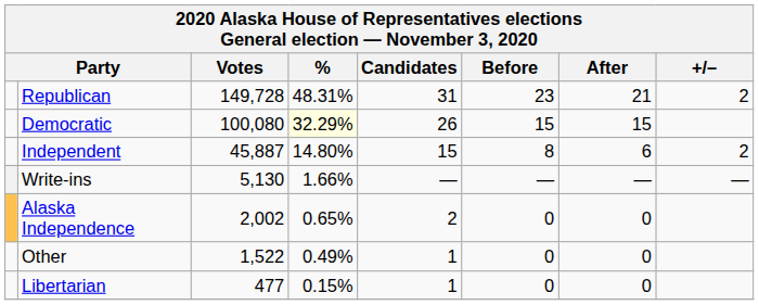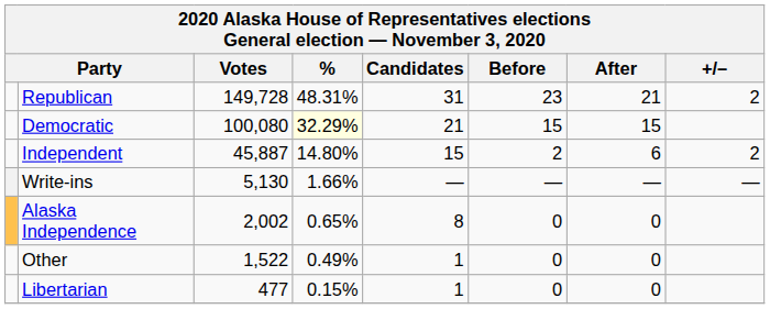 <table class="wikitable" style="font-size:95%;">
 <tr>
 <th colspan="9">2020 Alaska House of Representatives elections<br>General election — November 3, 2020 </th>
 </tr>
 <tr>
 <th colspan=2 style="width: 10em">Party</th>
 <th style="width: 5em">Votes</th>
 <th style="width: 3em">%</th>
 <th style="width: 5em">Candidates</th>
 <th style="width: 5em">Before</th>
 <th style="width: 5em">After</th>
 <th style="width: 5em">+/–</th>
 </tr>
 <tr>
 <td style="background:"></td>
 <td style="width: 130px"><a href='#'>Republican</a></td>
 <td align="right">149,728</td>
 <td align="right">48.31%</td>
 <td align="right">31</td>
 <td align="right">23</td>
 <td align="right">21</td>
 <td align="right"> 2</td>
 </tr>
 <tr>
 <td style="background:"></td>
 <td style="width: 130px"><a href='#'>Democratic</a></td>
 <td align="right">100,080</td>
 <td align="right" style="background: lightyellow;">32.29%</td>
-<td align="right">26</td>
+<td align="right">21</td>
 <td align="right">15</td>
 <td align="right">15</td>
 <td align="right"></td>
 </tr>
 <tr>
 <td style="background:"></td>
 <td style="width: 130px"><a href='#'>Independent</a></td>
 <td align="right">45,887</td>
 <td align="right">14.80%</td>
 <td align="right">15</td>
-<td align="right">8</td>
+<td align="right">2</td>
 <td align="right">6</td>
 <td align="right"> 2</td>
 </tr>
 <tr>
 <th style="background-color:; width: 3px"></th>
 <td style="width: 130px">Write-ins</td>
 <td align="right">5,130</td>
 <td align="right">1.66%</td>
 <td align="right">—</td>
 <td align="right">—</td>
 <td align="right">—</td>
 <td align="right">—</td>
 </tr>
 <tr>
 <td style="background:#FFC14E;"></td>
 <td style="width: 130px"><a href='#'>Alaska Independence</a></td>
 <td align="right">2,002</td>
 <td align="right">0.65%</td>
-<td align="right">2</td>
+<td align="right">8</td>
 <td align="right">0</td>
 <td align="right">0</td>
 <td align="right"></td>
 </tr>
 <tr>
 <td style="background-color:; width: 3px"></td>
 <td style="width: 130px">Other</td>
 <td align="right">1,522</td>
 <td align="right">0.49%</td>
 <td align="right">1</td>
 <td align="right">0</td>
 <td align="right">0</td>
 <td align="right"></td>
 </tr>
 <tr>
 <td style="background:"></td>
 <td style="width: 130px"><a href='#'>Libertarian</a></td>
 <td align="right">477</td>
 <td align="right">0.15%</td>
 <td align="right">1</td>
 <td align="right">0</td>
 <td align="right">0</td>
 <td align="right"></td>
 </tr>
 <tr>
 </tr>
 </table>
